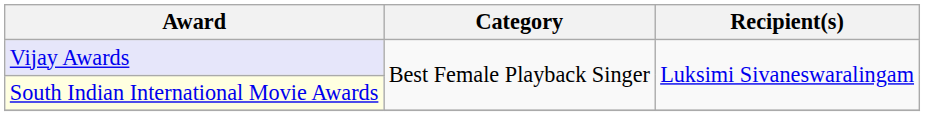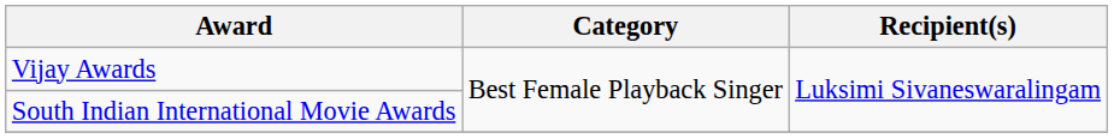 <table class="wikitable plainrowheaders sortable">
 <tr>
 <th scope="col">Award</th>
 <th scope="col">Category</th>
 <th scope="col">Recipient(s)</th>
 </tr>
 <tr>
-<td style="background: lavender;"><a href='#'>Vijay Awards</a></td>
+<td><a href='#'>Vijay Awards</a></td>
 <td rowspan="2">Best Female Playback Singer</td>
 <td rowspan="2"><a href='#'>Luksimi Sivaneswaralingam</a></td>
 </tr>
 <tr>
-<td style="background: lightyellow;"><a href='#'>South Indian International Movie Awards</a></td>
+<td><a href='#'>South Indian International Movie Awards</a></td>
 </tr>
 <tr>
 </tr>
 </table>
